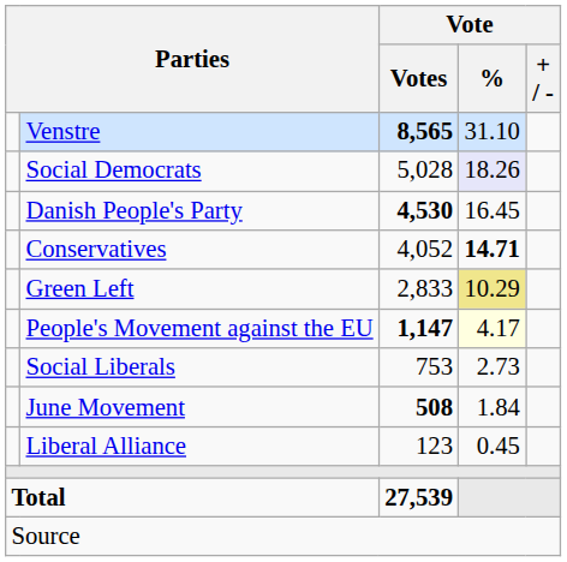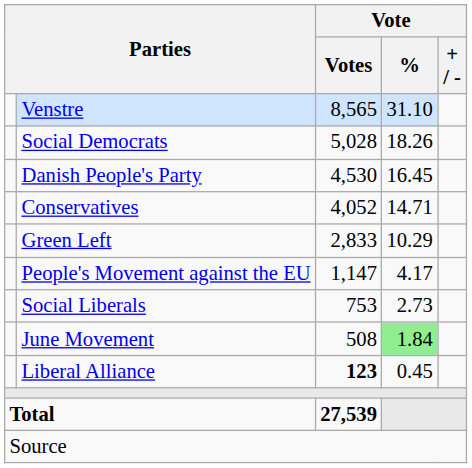 <table class="wikitable" style="text-align:right;">
 <tr>
 <th style="text-align:centre;" rowspan="2" colspan="2" width="225">Parties</th>
 <th colspan="3">Vote</th>
 </tr>
 <tr>
 <th width="15">Votes</th>
 <th width="15">%</th>
 <th width="15">+ / -</th>
 </tr>
 <tr>
 <td width="2" style="color:inherit;background:"></td>
 <td bgcolor=#cfe5fe   align="left"><a href='#'>Venstre</a></td>
-<td bgcolor=#cfe5fe><strong>8,565</strong></td>
+<td bgcolor=#cfe5fe>8,565</td>
 <td bgcolor=#cfe5fe>31.10</td>
 <td></td>
 </tr>
 <tr>
 <td width="2" style="color:inherit;background:"></td>
 <td align="left"><a href='#'>Social Democrats</a></td>
 <td>5,028</td>
-<td style="background: lavender;">18.26</td>
+<td>18.26</td>
 <td></td>
 </tr>
 <tr>
 <td width="2" style="color:inherit;background:"></td>
 <td align="left"><a href='#'>Danish People's Party</a></td>
-<td><strong>4,530</strong></td>
+<td>4,530</td>
 <td>16.45</td>
 <td></td>
 </tr>
 <tr>
 <td width="2" style="color:inherit;background:"></td>
 <td align="left"><a href='#'>Conservatives</a></td>
 <td>4,052</td>
-<td><strong>14.71</strong></td>
+<td>14.71</td>
 <td></td>
 </tr>
 <tr>
 <td width="2" style="color:inherit;background:"></td>
 <td align="left"><a href='#'>Green Left</a></td>
 <td>2,833</td>
-<td style="background: khaki;">10.29</td>
+<td>10.29</td>
 <td></td>
 </tr>
 <tr>
 <td width="2" style="color:inherit;background:"></td>
 <td align="left"><a href='#'>People's Movement against the EU</a></td>
-<td><strong>1,147</strong></td>
-<td style="background: lightyellow;">4.17</td>
+<td>1,147</td>
+<td>4.17</td>
 <td></td>
 </tr>
 <tr>
 <td width="2" style="color:inherit;background:"></td>
 <td align="left"><a href='#'>Social Liberals</a></td>
 <td>753</td>
 <td>2.73</td>
 <td></td>
 </tr>
 <tr>
 <td width="2" style="color:inherit;background:"></td>
 <td align="left"><a href='#'>June Movement</a></td>
-<td><strong>508</strong></td>
-<td>1.84</td>
+<td>508</td>
+<td style="background: lightgreen;">1.84</td>
 <td></td>
 </tr>
 <tr>
 <td width="2" style="color:inherit;background:"></td>
 <td align="left"><a href='#'>Liberal Alliance</a></td>
-<td>123</td>
+<td><strong>123</strong></td>
 <td>0.45</td>
 <td></td>
 </tr>
 <tr>
 <td colspan="7" bgcolor="#E9E9E9"></td>
 </tr>
 <tr>
 <td align="left" colspan="2"><strong>Total</strong></td>
 <td><strong>27,539</strong></td>
 <td bgcolor="#E9E9E9" colspan="2"></td>
 </tr>
 <tr>
 <td align="left" colspan="6">Source</td>
 </tr>
 </table>
